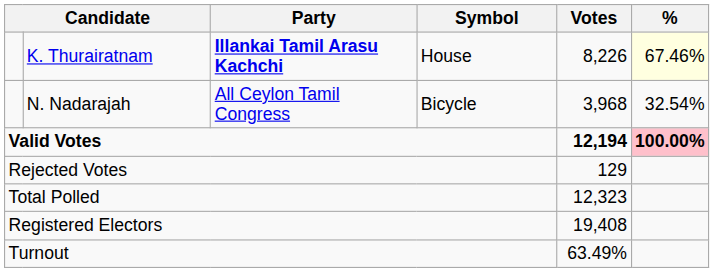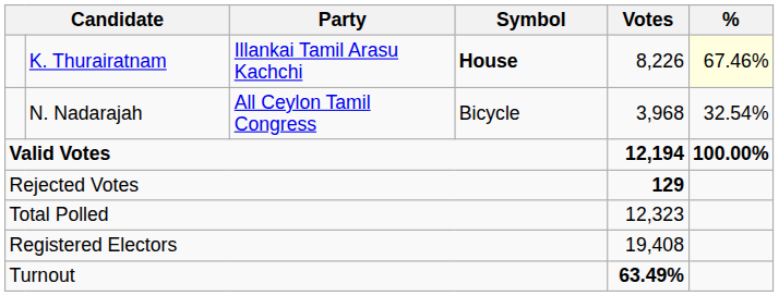 <table class="wikitable" border="1" style="text-align:right;">
 <tr>
 <th align=left colspan=2 width="180">Candidate</th>
 <th align=left width="180">Party</th>
 <th align=left width="120">Symbol</th>
 <th align=left width="60">Votes</th>
 <th align=left width="60">%</th>
 </tr>
 <tr>
 <td bgcolor=> </td>
 <td align=left><a href='#'>K. Thurairatnam</a></td>
-<td align=left><strong><a href='#'>Illankai Tamil Arasu Kachchi</a></strong></td>
-<td align=left>House</td>
+<td align=left><a href='#'>Illankai Tamil Arasu Kachchi</a></td>
+<td align=left><strong>House</strong></td>
 <td>8,226</td>
 <td style="background: lightyellow;">67.46%</td>
 </tr>
 <tr>
 <td bgcolor=> </td>
 <td align=left>N. Nadarajah</td>
 <td align=left><a href='#'>All Ceylon Tamil Congress</a></td>
 <td align=left>Bicycle</td>
 <td>3,968</td>
 <td>32.54%</td>
 </tr>
 <tr>
 <td align=left colspan=4><strong>Valid Votes</strong></td>
 <td><strong>12,194</strong></td>
-<td style="background: pink;"><strong>100.00%</strong></td>
+<td><strong>100.00%</strong></td>
 </tr>
 <tr>
 <td align=left colspan=4>Rejected Votes</td>
-<td>129</td>
+<td><strong>129</strong></td>
 <td></td>
 </tr>
 <tr>
 <td align=left colspan=4>Total Polled</td>
 <td>12,323</td>
 <td></td>
 </tr>
 <tr>
 <td align=left colspan=4>Registered Electors</td>
 <td>19,408</td>
 <td></td>
 </tr>
 <tr>
 <td align=left colspan=4>Turnout</td>
-<td>63.49%</td>
+<td><strong>63.49%</strong></td>
 </tr>
 </table>
